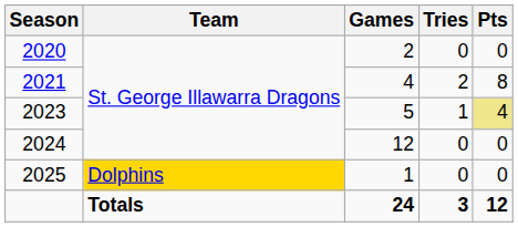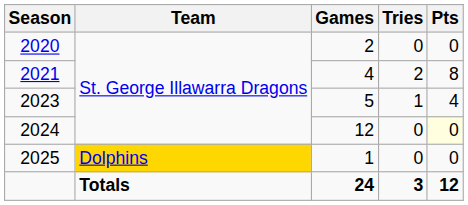 <table class="wikitable" style="border-collapse:collapse;text-align:center">
 <tr>
 <th>Season</th>
 <th>Team</th>
 <th>Games</th>
 <th>Tries</th>
 <th>Pts</th>
 </tr>
 <tr>
 <td align=center><a href='#'>2020</a></td>
 <td rowspan="4"> <a href='#'>St. George Illawarra Dragons</a></td>
 <td align=right>2</td>
 <td align=right>0</td>
 <td align=right>0</td>
 </tr>
 <tr>
 <td align=center><a href='#'>2021</a></td>
 <td align=right>4</td>
 <td align=right>2</td>
 <td align=right>8</td>
 </tr>
 <tr>
 <td align=center>2023</td>
 <td align=right>5</td>
 <td align=right>1</td>
-<td align=right style="background: khaki;">4</td>
+<td align=right>4</td>
 </tr>
 <tr>
 <td align=center>2024</td>
 <td align=right>12</td>
 <td align=right>0</td>
-<td align=right>0</td>
+<td align=right style="background: lightyellow;">0</td>
 </tr>
 <tr>
 <td align=center>2025</td>
 <td align=left style="background: gold;"> <a href='#'>Dolphins</a></td>
 <td align=right>1</td>
 <td align=right>0</td>
 <td align=right>0</td>
 </tr>
 <tr>
 <td></td>
 <td align=left><strong>Totals</strong></td>
 <td align=right><strong>24</strong></td>
 <td align=right><strong>3</strong></td>
 <td align=right><strong>12</strong></td>
 </tr>
 </table>
